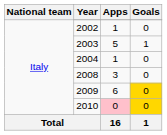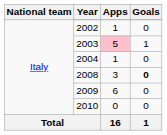 <table class="wikitable" style="text-align:center">
 <tr>
 <th>National team</th>
 <th>Year</th>
 <th>Apps</th>
 <th>Goals</th>
 </tr>
 <tr>
 <td rowspan=7><a href='#'>Italy</a></td>
 </tr>
 <tr>
 <td>2002</td>
 <td>1</td>
 <td>0</td>
 </tr>
 <tr>
 <td>2003</td>
-<td>5</td>
+<td style="background: pink;">5</td>
 <td>1</td>
 </tr>
 <tr>
 <td>2004</td>
 <td>1</td>
 <td>0</td>
 </tr>
 <tr>
 <td>2008</td>
 <td>3</td>
-<td>0</td>
+<td><strong>0</strong></td>
 </tr>
 <tr>
 <td>2009</td>
 <td>6</td>
-<td style="background: gold;">0</td>
+<td>0</td>
 </tr>
 <tr>
 <td>2010</td>
-<td style="background: pink;">0</td>
-<td style="background: gold;">0</td>
+<td>0</td>
+<td>0</td>
 </tr>
 <tr>
 <th colspan=2>Total</th>
 <th>16</th>
 <th>1</th>
 </tr>
 </table>
